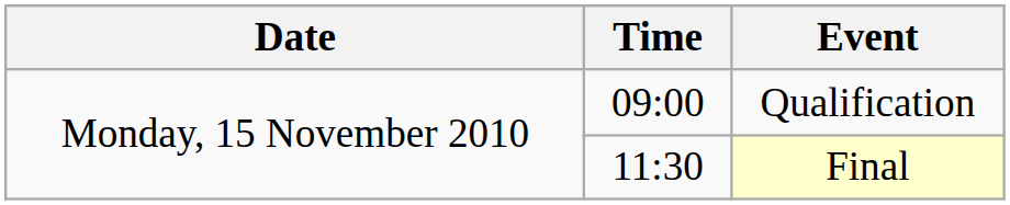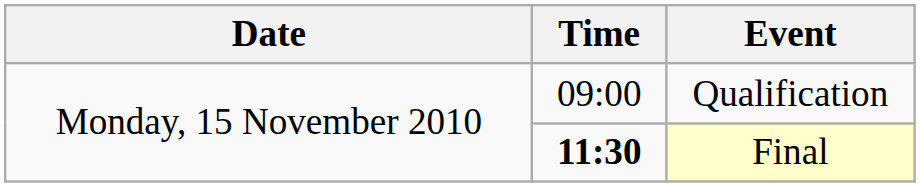 <table class = "wikitable" style="text-align:center;">
 <tr>
 <th width=220>Date</th>
 <th width=50>Time</th>
 <th width=100>Event</th>
 </tr>
 <tr>
 <td rowspan=2>Monday, 15 November 2010</td>
 <td>09:00</td>
 <td>Qualification</td>
 </tr>
 <tr>
-<td>11:30</td>
+<td><strong>11:30</strong></td>
 <td bgcolor=ffffcc>Final</td>
 </tr>
 </table>
